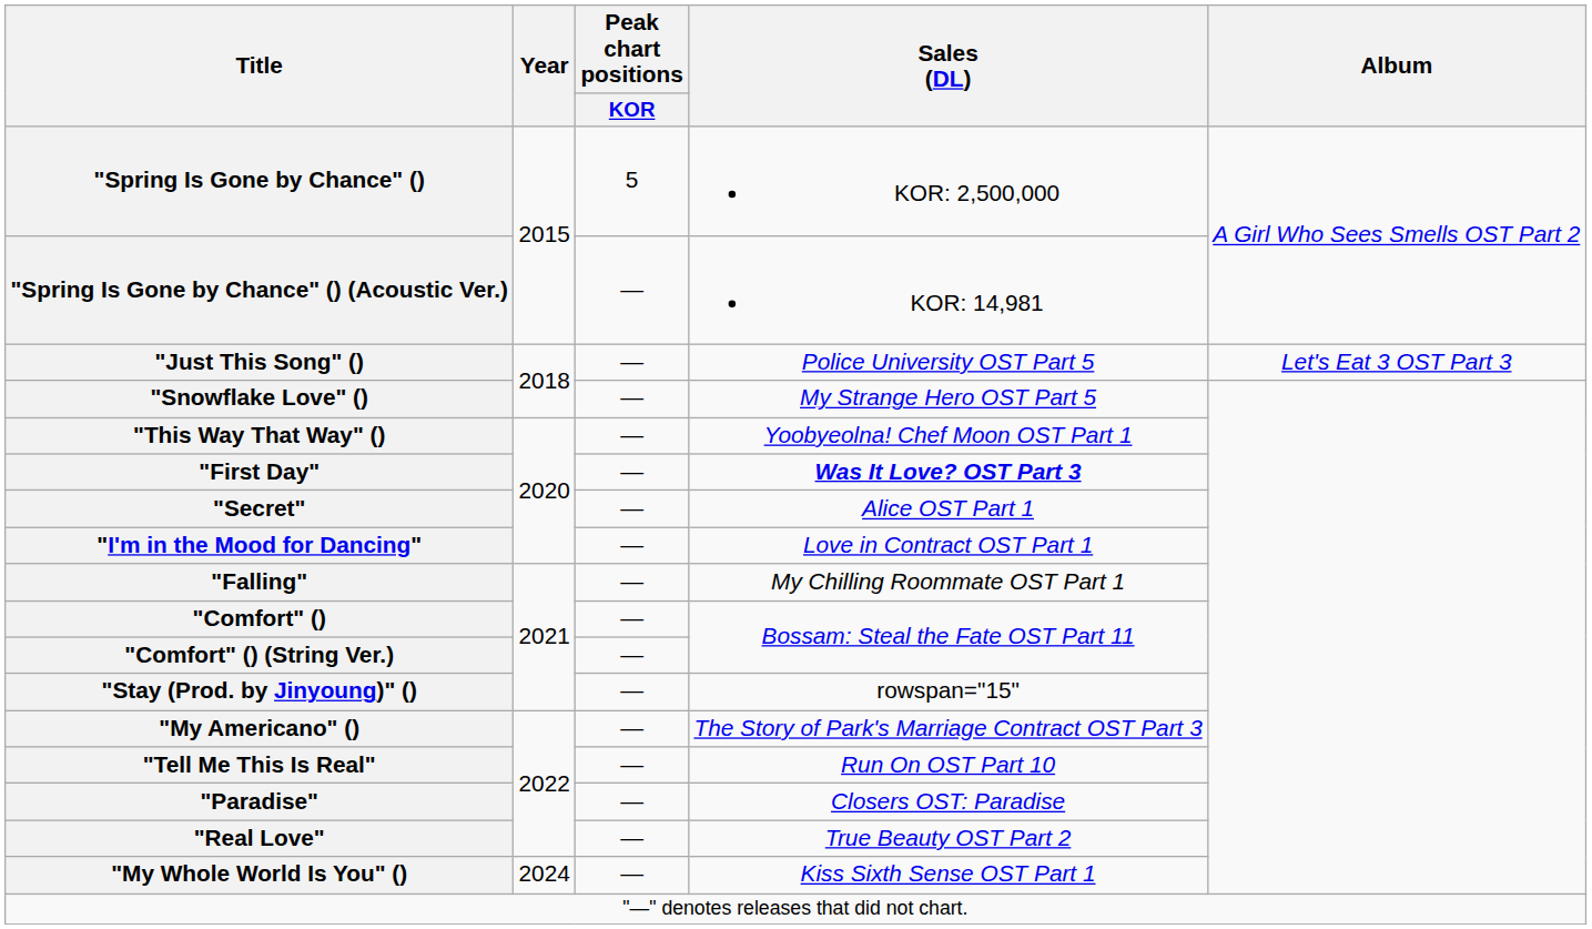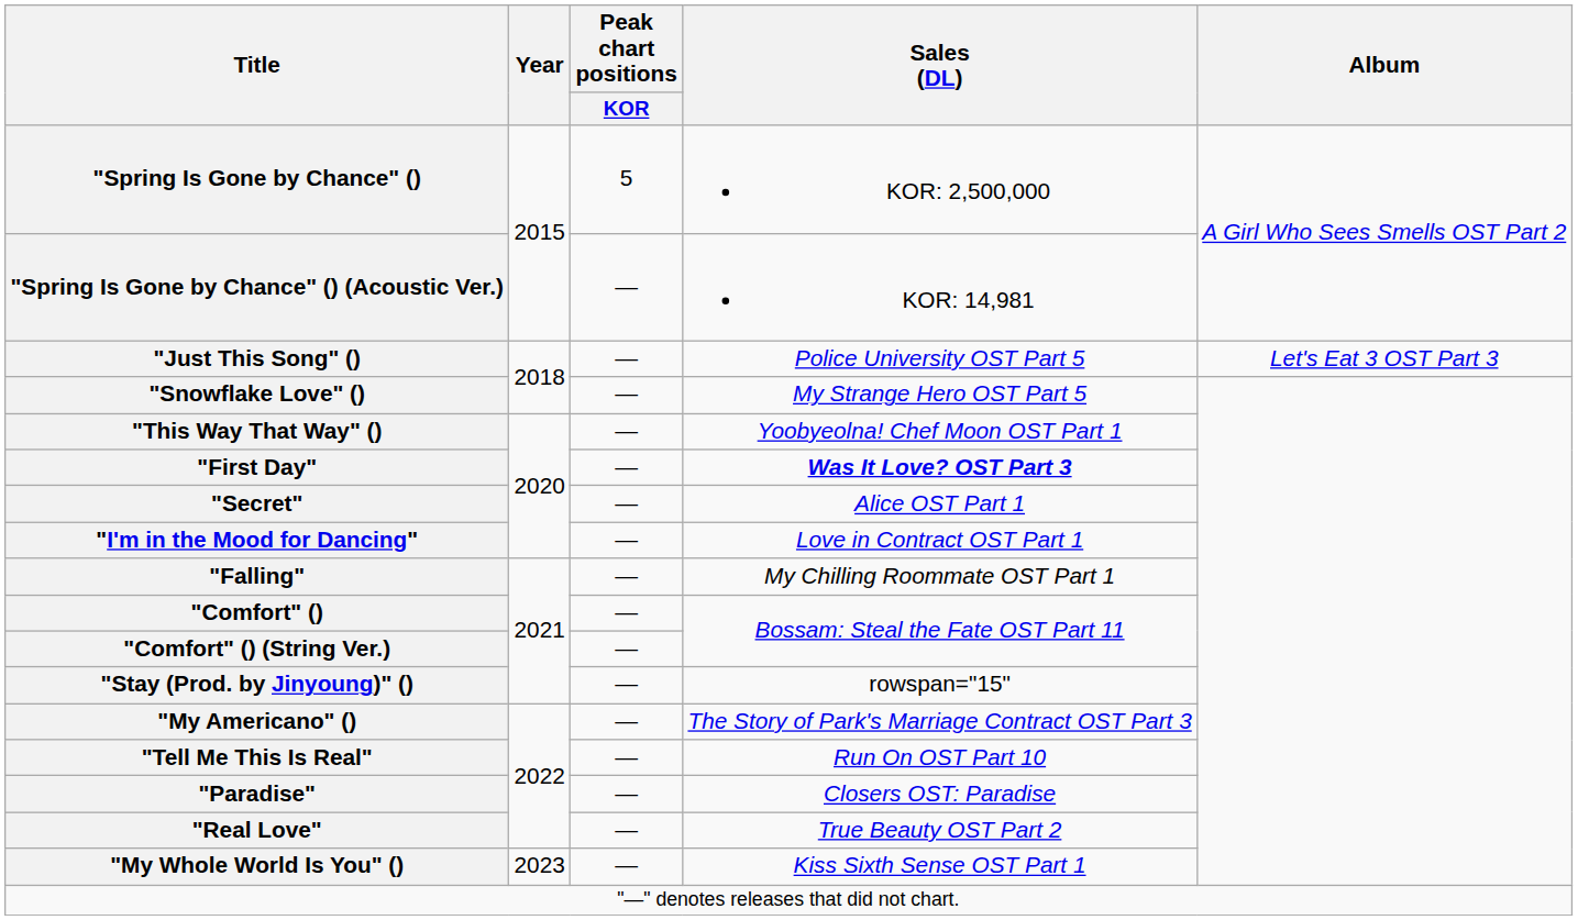 <table class="wikitable plainrowheaders" style="text-align:center">
 <tr>
 <th scope="col" rowspan="2">Title</th>
 <th scope="col" rowspan="2">Year</th>
 <th scope="col">Peak chart positions</th>
 <th scope="col" rowspan="2">Sales<br>(<a href='#'>DL</a>)</th>
 <th scope="col" rowspan="2">Album</th>
 </tr>
 <tr>
 <th scope="col" style="font-size:90%; width:2.5em"><a href='#'>KOR</a><br></th>
 </tr>
 <tr>
 <th scope="row">"Spring Is Gone by Chance" ()<br></th>
 <td rowspan="2">2015</td>
 <td>5</td>
 <td><br><ul><li>KOR: 2,500,000</li></ul></td>
 <td rowspan="2"><em><a href='#'>A Girl Who Sees Smells OST Part 2</a></em></td>
 </tr>
 <tr>
 <th scope="row">"Spring Is Gone by Chance" () (Acoustic Ver.)<br></th>
 <td>—</td>
 <td><br><ul><li>KOR: 14,981</li></ul></td>
 </tr>
 <tr>
 <th scope="row">"Just This Song" ()</th>
 <td rowspan="2">2018</td>
 <td>—</td>
 <td><em><a href='#'>Police University OST Part 5</a></em></td>
 <td><em><a href='#'>Let's Eat 3 OST Part 3</a></em></td>
 </tr>
 <tr>
 <th scope="row">"Snowflake Love" ()</th>
 <td>—</td>
 <td><em><a href='#'>My Strange Hero OST Part 5</a></em></td>
 </tr>
 <tr>
 <th scope="row">"This Way That Way" ()</th>
 <td rowspan="4">2020</td>
 <td>—</td>
 <td><em><a href='#'>Yoobyeolna! Chef Moon OST Part 1</a></em></td>
 </tr>
 <tr>
 <th scope="row">"First Day"</th>
 <td>—</td>
 <td><strong><em><a href='#'>Was It Love? OST Part 3</a></em></strong></td>
 </tr>
 <tr>
 <th scope="row">"Secret"<br></th>
 <td>—</td>
 <td><em><a href='#'>Alice OST Part 1</a></em></td>
 </tr>
 <tr>
 <th scope="row">"<a href='#'>I'm in the Mood for Dancing</a>"</th>
 <td>—</td>
 <td><em><a href='#'>Love in Contract OST Part 1</a></em></td>
 </tr>
 <tr>
 <th scope="row">"Falling"</th>
 <td rowspan="4">2021</td>
 <td>—</td>
 <td><em>My Chilling Roommate OST Part 1</em></td>
 </tr>
 <tr>
 <th scope="row">"Comfort" ()</th>
 <td>—</td>
 <td rowspan="2"><em><a href='#'>Bossam: Steal the Fate OST Part 11</a></em></td>
 </tr>
 <tr>
 <th scope="row">"Comfort" () (String Ver.)</th>
 <td>—</td>
 </tr>
 <tr>
 <th scope="row">"Stay (Prod. by <a href='#'>Jinyoung</a>)" ()</th>
 <td>—</td>
 <td>rowspan="15" </td>
 </tr>
 <tr>
 <th scope="row">"My Americano" ()</th>
 <td rowspan="4">2022</td>
 <td>—</td>
 <td><em><a href='#'>The Story of Park's Marriage Contract OST Part 3</a></em></td>
 </tr>
 <tr>
 <th scope="row">"Tell Me This Is Real"</th>
 <td>—</td>
 <td><em><a href='#'>Run On OST Part 10</a></em></td>
 </tr>
 <tr>
 <th scope="row">"Paradise"</th>
 <td>—</td>
 <td><em><a href='#'>Closers OST: Paradise</a></em></td>
 </tr>
 <tr>
 <th scope="row">"Real Love"</th>
 <td>—</td>
 <td><em><a href='#'>True Beauty OST Part 2</a></em></td>
 </tr>
 <tr>
 <th scope="row">"My Whole World Is You" ()</th>
-<td>2024</td>
+<td>2023</td>
 <td>—</td>
 <td><em><a href='#'>Kiss Sixth Sense OST Part 1</a></em></td>
 </tr>
 <tr>
 <td colspan="5" style="font-size:85%">"—" denotes releases that did not chart.</td>
 </tr>
 </table>
